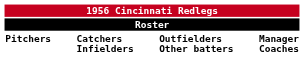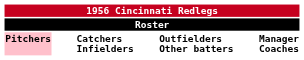 <table class="toccolours" style="font-size: 95%;">
 <tr>
 <th colspan="10" style="background-color: #c6011f; color: white; text-align: center;">1956 Cincinnati Redlegs</th>
 </tr>
 <tr>
 <td colspan="10" style="background-color: black; color: white; text-align: center;"><strong>Roster</strong></td>
 </tr>
 <tr>
-<td valign="top"><strong>Pitchers</strong><br>              </td>
+<td valign="top" style="background: pink;"><strong>Pitchers</strong><br>              </td>
 <td width="25px"></td>
 <td valign="top"><strong>Catchers</strong><br>   <strong>Infielders</strong>        </td>
 <td width="25px"></td>
 <td valign="top"><strong>Outfielders</strong><br>         <strong>Other batters</strong>    </td>
 <td width="25px"></td>
 <td valign="top"><strong>Manager</strong><br> <strong>Coaches</strong>   </td>
 </tr>
 </table>
